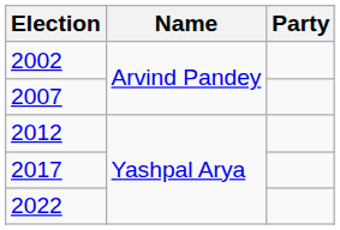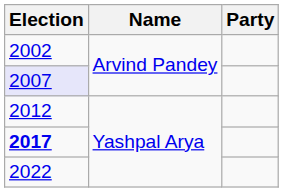 <table class="wikitable sortable">
 <tr>
 <th>Election</th>
 <th>Name</th>
 <th colspan="2">Party</th>
 </tr>
 <tr>
 <td><a href='#'>2002</a></td>
 <td rowspan=2><a href='#'>Arvind Pandey</a></td>
 <td></td>
 </tr>
 <tr>
-<td><a href='#'>2007</a></td>
+<td style="background: lavender;"><a href='#'>2007</a></td>
 </tr>
 <tr>
 <td><a href='#'>2012</a></td>
 <td rowspan=3><a href='#'>Yashpal Arya</a></td>
 <td></td>
 </tr>
 <tr>
-<td><a href='#'>2017</a></td>
+<td><strong><a href='#'>2017</a></strong></td>
 <td></td>
 </tr>
 <tr>
 <td><a href='#'>2022</a></td>
 <td></td>
 </tr>
 </table>
